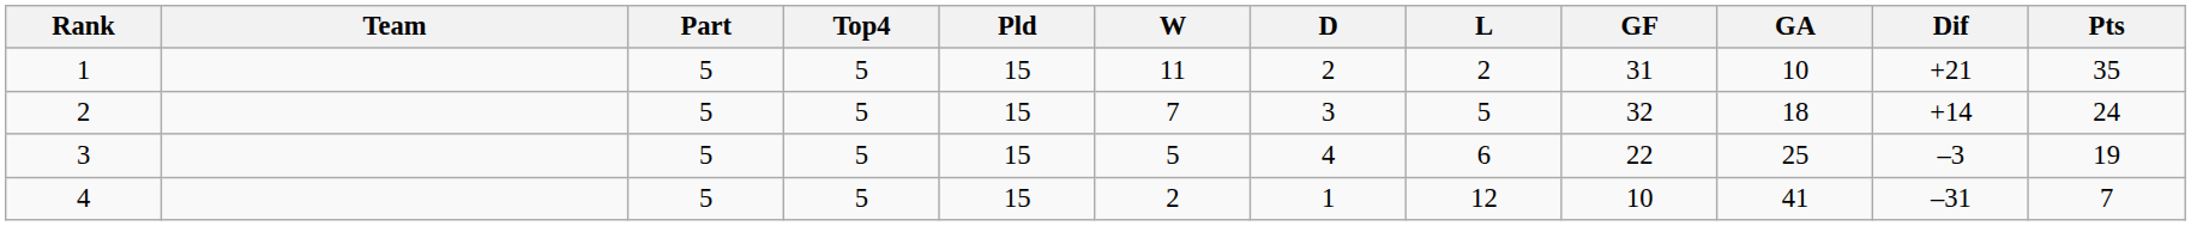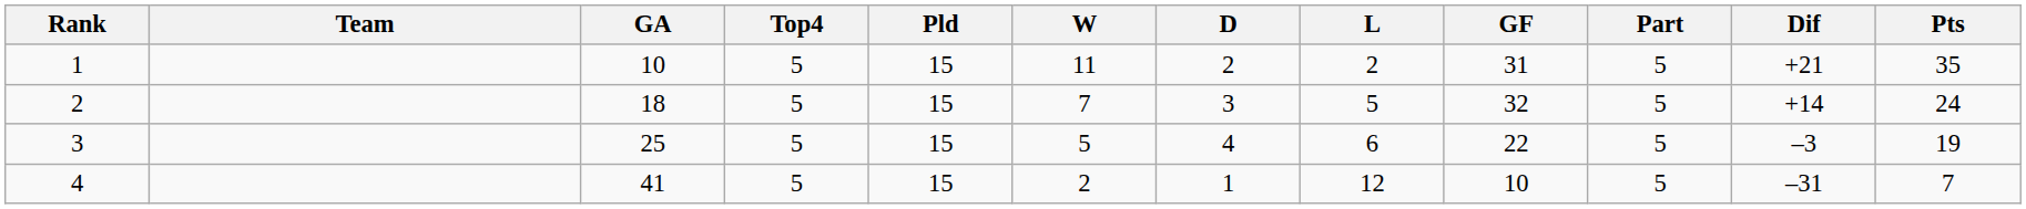 <table class="wikitable sortable" width=65% style="text-align:center">
 <tr>
 <th width=5%>Rank</th>
 <th width=15%>Team</th>
-<th width=5%>Part</th>
+<th width=5%>GA</th>
 <th width=5%>Top4</th>
 <th width=5%>Pld</th>
 <th width=5%>W</th>
 <th width=5%>D</th>
 <th width=5%>L</th>
 <th width=5%>GF</th>
-<th width=5%>GA</th>
+<th width=5%>Part</th>
 <th width=5%>Dif</th>
 <th width=5%>Pts</th>
 </tr>
 <tr>
 <td>1</td>
 <td style="text-align:left;"></td>
-<td>5</td>
+<td>10</td>
 <td>5</td>
 <td>15</td>
 <td>11</td>
 <td>2</td>
 <td>2</td>
 <td>31</td>
-<td>10</td>
+<td>5</td>
 <td>+21</td>
 <td>35</td>
 </tr>
 <tr>
 <td>2</td>
 <td style="text-align:left;"></td>
-<td>5</td>
+<td>18</td>
 <td>5</td>
 <td>15</td>
 <td>7</td>
 <td>3</td>
 <td>5</td>
 <td>32</td>
-<td>18</td>
+<td>5</td>
 <td>+14</td>
 <td>24</td>
 </tr>
 <tr>
 <td>3</td>
 <td style="text-align:left;"></td>
-<td>5</td>
+<td>25</td>
 <td>5</td>
 <td>15</td>
 <td>5</td>
 <td>4</td>
 <td>6</td>
 <td>22</td>
-<td>25</td>
+<td>5</td>
 <td>–3</td>
 <td>19</td>
 </tr>
 <tr>
 <td>4</td>
 <td style="text-align:left;"></td>
-<td>5</td>
+<td>41</td>
 <td>5</td>
 <td>15</td>
 <td>2</td>
 <td>1</td>
 <td>12</td>
 <td>10</td>
-<td>41</td>
+<td>5</td>
 <td>–31</td>
 <td>7</td>
 </tr>
 </table>
